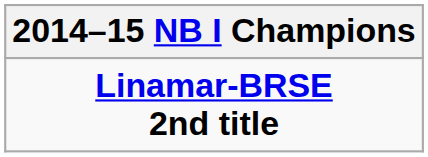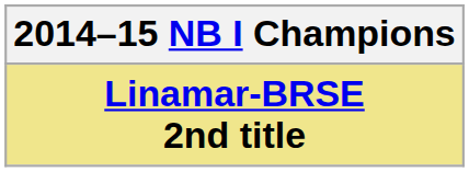 <table class=wikitable style="text-align:center; margin:auto">
 <tr>
 <th>2014–15 <a href='#'>NB I</a> Champions</th>
 </tr>
 <tr>
-<td><strong><a href='#'>Linamar-BRSE</a></strong><br><strong>2nd title</strong></td>
+<td style="background: khaki;"><strong><a href='#'>Linamar-BRSE</a></strong><br><strong>2nd title</strong></td>
 </tr>
 </table>
